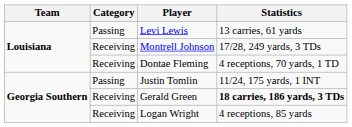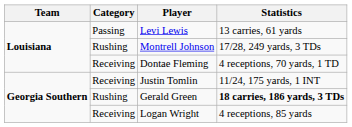 <table class="wikitable" style="float: left;">
 <tr>
 <th>Team</th>
 <th>Category</th>
 <th>Player</th>
 <th>Statistics</th>
 </tr>
 <tr>
 <td rowspan=3><strong>Louisiana</strong></td>
 <td>Passing</td>
 <td><a href='#'>Levi Lewis</a></td>
 <td>13 carries, 61 yards</td>
 </tr>
 <tr>
-<td>Receiving</td>
+<td>Rushing</td>
 <td><a href='#'>Montrell Johnson</a></td>
 <td>17/28, 249 yards, 3 TDs</td>
 </tr>
 <tr>
 <td>Receiving</td>
 <td>Dontae Fleming</td>
 <td>4 receptions, 70 yards, 1 TD</td>
 </tr>
 <tr>
 <td rowspan=3><strong>Georgia Southern</strong></td>
-<td>Passing</td>
+<td>Receiving</td>
 <td>Justin Tomlin</td>
 <td>11/24, 175 yards, 1 INT</td>
 </tr>
 <tr>
-<td>Receiving</td>
+<td>Rushing</td>
 <td>Gerald Green</td>
 <td><strong>18 carries, 186 yards, 3 TDs</strong></td>
 </tr>
 <tr>
 <td>Receiving</td>
 <td>Logan Wright</td>
 <td>4 receptions, 85 yards</td>
 </tr>
 </table>
